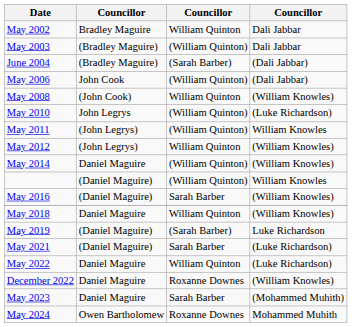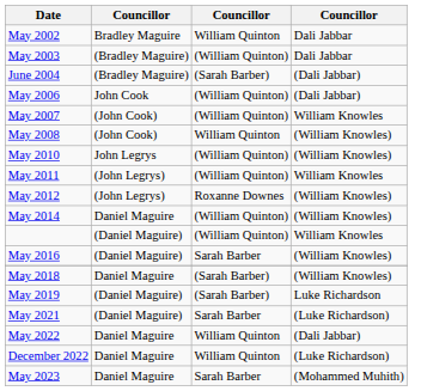 <table class="wikitable">
 <tr>
 <th>Date</th>
 <th>Councillor</th>
 <th>Councillor</th>
 <th>Councillor</th>
 </tr>
 <tr>
 <td><a href='#'>May 2002</a></td>
 <td ! style="background-color:">Bradley Maguire</td>
 <td ! style="background-color:">William Quinton</td>
 <td ! style="background-color:">Dali Jabbar</td>
 </tr>
 <tr>
 <td><a href='#'>May 2003</a></td>
 <td ! style="background-color:">(Bradley Maguire)</td>
 <td ! style="background-color:">(William Quinton)</td>
 <td ! style="background-color:">Dali Jabbar</td>
 </tr>
 <tr>
 <td><a href='#'>June 2004</a></td>
 <td ! style="background-color:">(Bradley Maguire)</td>
 <td ! style="background-color:">(Sarah Barber)</td>
 <td ! style="background-color:">(Dali Jabbar)</td>
 </tr>
 <tr>
 <td><a href='#'>May 2006</a></td>
 <td ! style="background-color:">John Cook</td>
 <td ! style="background-color:">(William Quinton)</td>
 <td ! style="background-color:">(Dali Jabbar)</td>
 </tr>
 <tr>
+<td><a href='#'>May 2007</a></td>
+<td ! style="background-color:">(John Cook)</td>
+<td ! style="background-color:">(William Quinton)</td>
+<td ! style="background-color:">William Knowles</td>
+</tr>
+<tr>
 <td><a href='#'>May 2008</a></td>
 <td ! style="background-color:">(John Cook)</td>
 <td ! style="background-color:">William Quinton</td>
 <td ! style="background-color:">(William Knowles)</td>
 </tr>
 <tr>
 <td><a href='#'>May 2010</a></td>
 <td ! style="background-color:">John Legrys</td>
 <td ! style="background-color:">(William Quinton)</td>
-<td ! style="background-color:">(Luke Richardson)</td>
+<td ! style="background-color:">(William Knowles)</td>
 </tr>
 <tr>
 <td><a href='#'>May 2011</a></td>
 <td ! style="background-color:">(John Legrys)</td>
 <td ! style="background-color:">(William Quinton)</td>
 <td ! style="background-color:">William Knowles</td>
 </tr>
 <tr>
 <td><a href='#'>May 2012</a></td>
 <td ! style="background-color:">(John Legrys)</td>
-<td ! style="background-color:">William Quinton</td>
+<td ! style="background-color:">Roxanne Downes</td>
 <td ! style="background-color:">(William Knowles)</td>
 </tr>
 <tr>
 <td><a href='#'>May 2014</a></td>
 <td ! style="background-color:">Daniel Maguire</td>
 <td ! style="background-color:">(William Quinton)</td>
 <td ! style="background-color:">(William Knowles)</td>
 </tr>
 <tr>
 <td></td>
 <td ! style="background-color:">(Daniel Maguire)</td>
 <td ! style="background-color:">(William Quinton)</td>
 <td ! style="background-color:">William Knowles</td>
 </tr>
 <tr>
 <td><a href='#'>May 2016</a></td>
 <td ! style="background-color:">(Daniel Maguire)</td>
 <td ! style="background-color:">Sarah Barber</td>
 <td ! style="background-color:">(William Knowles)</td>
 </tr>
 <tr>
 </tr>
 <tr>
 <td><a href='#'>May 2018</a></td>
 <td ! style="background-color:">Daniel Maguire</td>
-<td ! style="background-color:">William Quinton</td>
+<td ! style="background-color:">(Sarah Barber)</td>
 <td ! style="background-color:">(William Knowles)</td>
 </tr>
 <tr>
 <td><a href='#'>May 2019</a></td>
 <td ! style="background-color:">(Daniel Maguire)</td>
 <td ! style="background-color:">(Sarah Barber)</td>
 <td ! style="background-color:">Luke Richardson</td>
 </tr>
 <tr>
 <td><a href='#'>May 2021</a></td>
 <td ! style="background-color:">(Daniel Maguire)</td>
 <td ! style="background-color:">Sarah Barber</td>
 <td ! style="background-color:">(Luke Richardson)</td>
 </tr>
 <tr>
 <td><a href='#'>May 2022</a></td>
 <td ! style="background-color:">Daniel Maguire</td>
 <td ! style="background-color:">William Quinton</td>
-<td ! style="background-color:">(Luke Richardson)</td>
+<td ! style="background-color:">(Dali Jabbar)</td>
 </tr>
 <tr>
 <td><a href='#'>December 2022</a></td>
 <td ! style="background-color:">Daniel Maguire</td>
-<td ! style="background-color:">Roxanne Downes</td>
-<td ! style="background-color:">(William Knowles)</td>
+<td ! style="background-color:">William Quinton</td>
+<td ! style="background-color:">(Luke Richardson)</td>
 </tr>
 <tr>
 <td><a href='#'>May 2023</a></td>
 <td ! style="background-color:">Daniel Maguire</td>
 <td ! style="background-color:">Sarah Barber</td>
 <td ! style="background-color:">(Mohammed Muhith)</td>
 </tr>
-<tr>
-<td><a href='#'>May 2024</a></td>
-<td ! style="background-color:">Owen Bartholomew</td>
-<td ! style="background-color:">Roxanne Downes</td>
-<td ! style="background-color:">Mohammed Muhith</td>
-</tr>
 </table>
